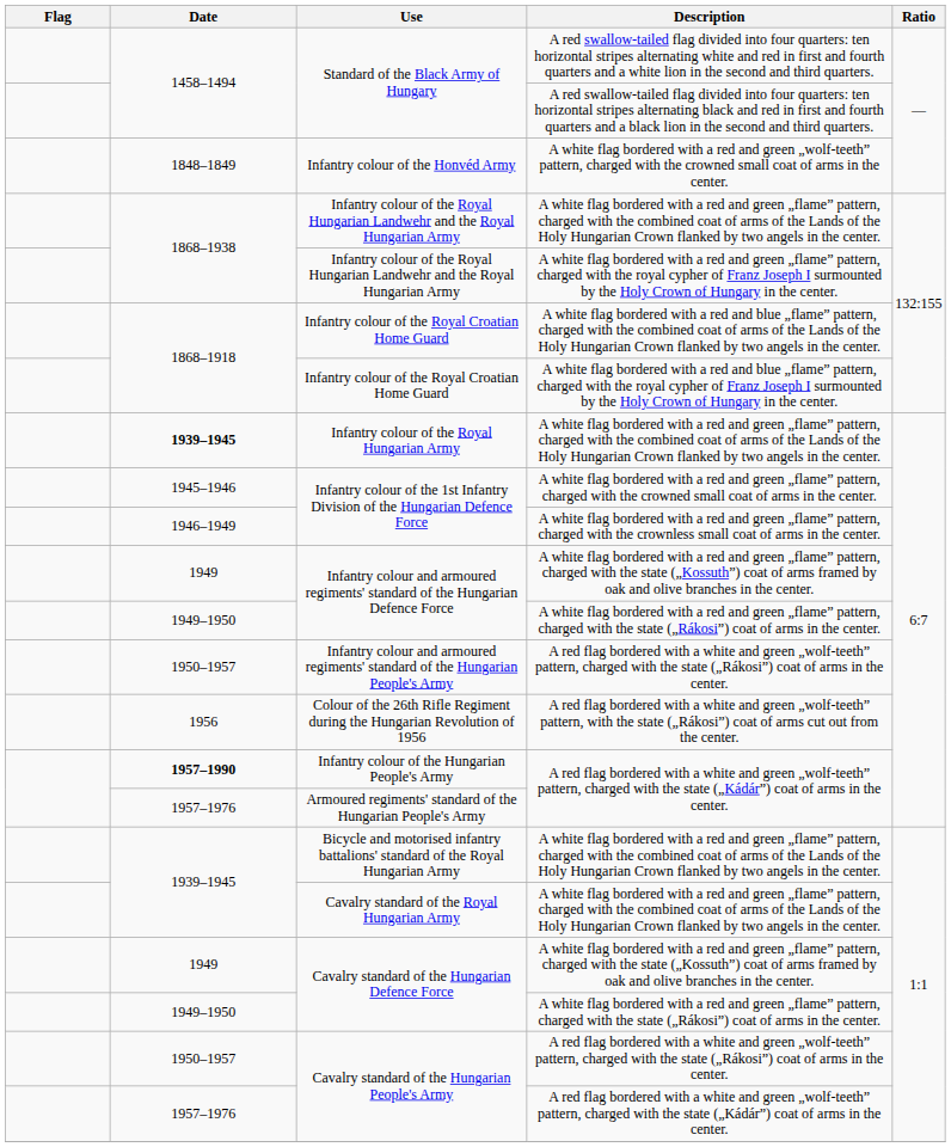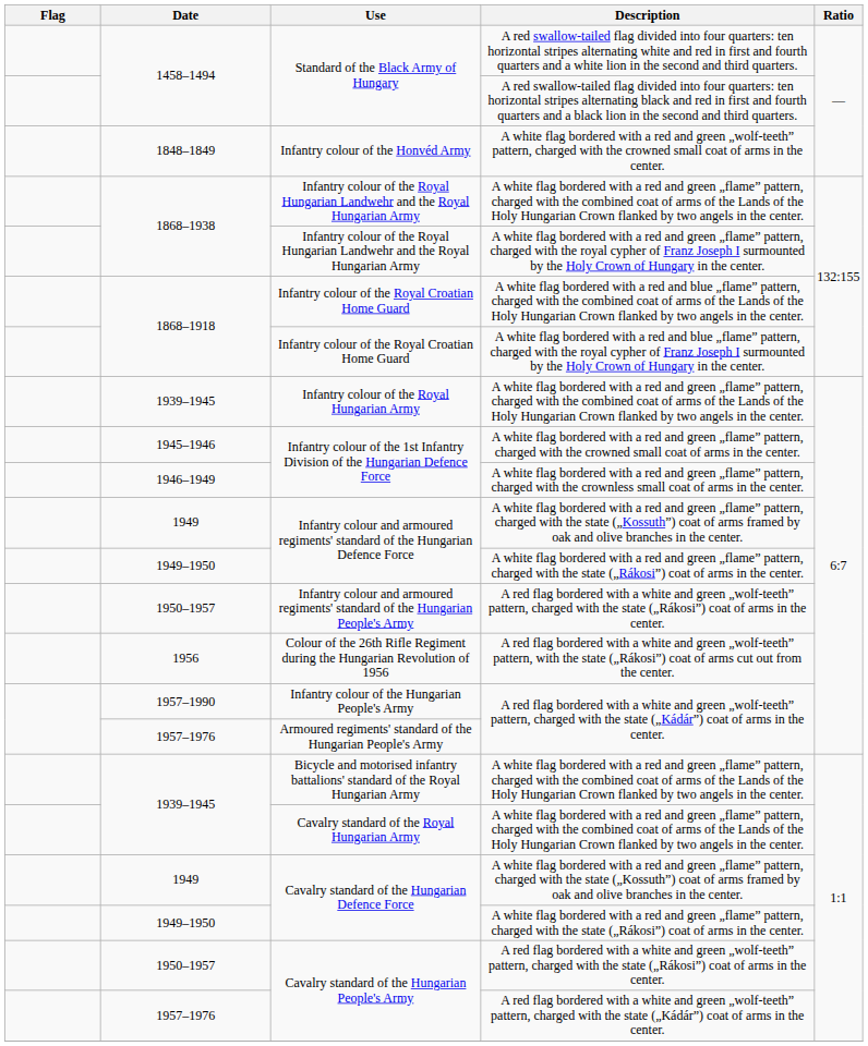 <table class="wikitable" style="text-align:center;">
 <tr>
 <th width="110">Flag</th>
 <th width="200">Date</th>
 <th width="250">Use</th>
 <th width="400">Description</th>
 <th width="50">Ratio</th>
 </tr>
 <tr>
 <td></td>
 <td rowspan="2">1458–1494</td>
 <td rowspan="2">Standard of the <a href='#'>Black Army of Hungary</a> </td>
 <td>A red <a href='#'>swallow-tailed</a> flag divided into four quarters: ten horizontal stripes alternating white and red in first and fourth quarters and a white lion in the second and third quarters.</td>
 <td rowspan="3">—</td>
 </tr>
 <tr>
 <td></td>
 <td>A red swallow-tailed flag divided into four quarters: ten horizontal stripes alternating black and red in first and fourth quarters and a black lion in the second and third quarters.</td>
 </tr>
 <tr>
 <td></td>
 <td>1848–1849</td>
 <td>Infantry colour of the <a href='#'>Honvéd Army</a></td>
 <td>A white flag bordered with a red and green „wolf-teeth” pattern, charged with the crowned small coat of arms in the center.</td>
 </tr>
 <tr>
 <td></td>
 <td rowspan="2">1868–1938</td>
 <td>Infantry colour of the <a href='#'>Royal Hungarian Landwehr</a> and the <a href='#'>Royal Hungarian Army</a>  </td>
 <td>A white flag bordered with a red and green „flame” pattern, charged with the combined coat of arms of the Lands of the Holy Hungarian Crown flanked by two angels in the center.</td>
 <td rowspan="4">132:155</td>
 </tr>
 <tr>
 <td></td>
 <td>Infantry colour of the Royal Hungarian Landwehr and the Royal Hungarian Army  </td>
 <td>A white flag bordered with a red and green „flame” pattern, charged with the royal cypher of <a href='#'>Franz Joseph I</a> surmounted by the <a href='#'>Holy Crown of Hungary</a> in the center.</td>
 </tr>
 <tr>
 <td></td>
 <td rowspan="2">1868–1918</td>
 <td>Infantry colour of the <a href='#'>Royal Croatian Home Guard</a>  </td>
 <td>A white flag bordered with a red and blue „flame” pattern, charged with the combined coat of arms of the Lands of the Holy Hungarian Crown flanked by two angels in the center.</td>
 </tr>
 <tr>
 <td></td>
 <td>Infantry colour of the Royal Croatian Home Guard  </td>
 <td>A white flag bordered with a red and blue „flame” pattern, charged with the royal cypher of <a href='#'>Franz Joseph I</a> surmounted by the <a href='#'>Holy Crown of Hungary</a> in the center.</td>
 </tr>
 <tr>
 <td></td>
-<td><strong>1939–1945</strong></td>
+<td>1939–1945</td>
 <td>Infantry colour of the <a href='#'>Royal Hungarian Army</a>  </td>
 <td>A white flag bordered with a red and green „flame” pattern, charged with the combined coat of arms of the Lands of the Holy Hungarian Crown flanked by two angels in the center.</td>
 <td rowspan="9">6:7</td>
 </tr>
 <tr>
 <td></td>
 <td>1945–1946</td>
 <td rowspan="2">Infantry colour of the 1st Infantry Division of the <a href='#'>Hungarian Defence Force</a></td>
 <td>A white flag bordered with a red and green „flame” pattern, charged with the crowned small coat of arms in the center.</td>
 </tr>
 <tr>
 <td></td>
 <td>1946–1949</td>
 <td>A white flag bordered with a red and green „flame” pattern, charged with the crownless small coat of arms in the center.</td>
 </tr>
 <tr>
 <td></td>
 <td>1949</td>
 <td rowspan="2">Infantry colour and armoured regiments' standard of the Hungarian Defence Force</td>
 <td>A white flag bordered with a red and green „flame” pattern, charged with the state („<a href='#'>Kossuth</a>”) coat of arms framed by oak and olive branches in the center.</td>
 </tr>
 <tr>
 <td></td>
 <td>1949–1950</td>
 <td>A white flag bordered with a red and green „flame” pattern, charged with the state („<a href='#'>Rákosi</a>”) coat of arms in the center.</td>
 </tr>
 <tr>
 <td></td>
 <td>1950–1957</td>
 <td>Infantry colour and armoured regiments' standard of the <a href='#'>Hungarian People's Army</a></td>
 <td>A red flag bordered with a white and green „wolf-teeth” pattern, charged with the state („Rákosi”) coat of arms in the center.</td>
 </tr>
 <tr>
 <td></td>
 <td>1956</td>
 <td>Colour of the 26th Rifle Regiment during the Hungarian Revolution of 1956</td>
 <td>A red flag bordered with a white and green „wolf-teeth” pattern, with the state („Rákosi”) coat of arms cut out from the center.</td>
 </tr>
 <tr>
 <td rowspan="2"></td>
-<td><strong>1957–1990</strong></td>
+<td>1957–1990</td>
 <td>Infantry colour of the Hungarian People's Army</td>
 <td rowspan="2">A red flag bordered with a white and green „wolf-teeth” pattern, charged with the state („<a href='#'>Kádár</a>”) coat of arms in the center.</td>
 </tr>
 <tr>
 <td>1957–1976</td>
 <td>Armoured regiments' standard of the Hungarian People's Army</td>
 </tr>
 <tr>
 <td></td>
 <td rowspan="2">1939–1945</td>
 <td>Bicycle and motorised infantry battalions' standard of the Royal Hungarian Army  </td>
 <td>A white flag bordered with a red and green „flame” pattern, charged with the combined coat of arms of the Lands of the Holy Hungarian Crown flanked by two angels in the center.</td>
 <td rowspan="6">1:1</td>
 </tr>
 <tr>
 <td></td>
 <td>Cavalry standard of the <a href='#'>Royal Hungarian Army</a>  </td>
 <td>A white flag bordered with a red and green „flame” pattern, charged with the combined coat of arms of the Lands of the Holy Hungarian Crown flanked by two angels in the center.</td>
 </tr>
 <tr>
 <td></td>
 <td>1949</td>
 <td rowspan="2">Cavalry standard of the <a href='#'>Hungarian Defence Force</a></td>
 <td>A white flag bordered with a red and green „flame” pattern, charged with the state („Kossuth”) coat of arms framed by oak and olive branches in the center.</td>
 </tr>
 <tr>
 <td></td>
 <td>1949–1950</td>
 <td>A white flag bordered with a red and green „flame” pattern, charged with the state („Rákosi”) coat of arms in the center.</td>
 </tr>
 <tr>
 <td></td>
 <td>1950–1957</td>
 <td rowspan="2">Cavalry standard of the <a href='#'>Hungarian People's Army</a></td>
 <td>A red flag bordered with a white and green „wolf-teeth” pattern, charged with the state („Rákosi”) coat of arms in the center.</td>
 </tr>
 <tr>
 <td></td>
 <td>1957–1976</td>
 <td>A red flag bordered with a white and green „wolf-teeth” pattern, charged with the state („Kádár”) coat of arms in the center.</td>
 </tr>
 <tr>
 </tr>
 </table>
